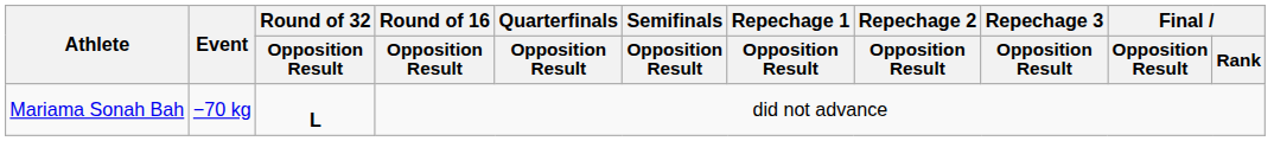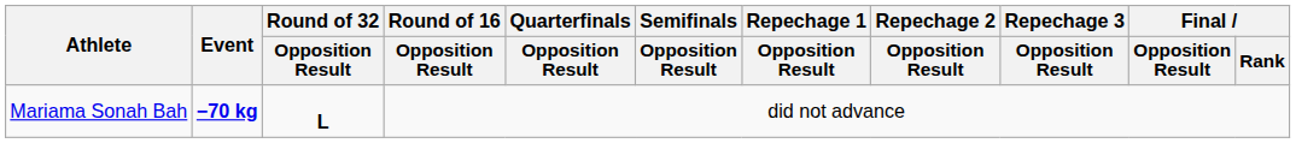 <table class="wikitable" style="font-size:90%">
 <tr>
 <th rowspan="2">Athlete</th>
 <th rowspan="2">Event</th>
 <th>Round of 32</th>
 <th>Round of 16</th>
 <th>Quarterfinals</th>
 <th>Semifinals</th>
 <th>Repechage 1</th>
 <th>Repechage 2</th>
 <th>Repechage 3</th>
 <th colspan=2>Final / </th>
 </tr>
 <tr style="font-size:95%">
 <th>Opposition<br>Result</th>
 <th>Opposition<br>Result</th>
 <th>Opposition<br>Result</th>
 <th>Opposition<br>Result</th>
 <th>Opposition<br>Result</th>
 <th>Opposition<br>Result</th>
 <th>Opposition<br>Result</th>
 <th>Opposition<br>Result</th>
 <th>Rank</th>
 </tr>
 <tr align=center>
 <td align=left><a href='#'>Mariama Sonah Bah</a></td>
-<td align=left><a href='#'>−70 kg</a></td>
+<td align=left><strong><a href='#'>−70 kg</a></strong></td>
 <td><br><strong>L</strong></td>
 <td colspan=8>did not advance</td>
 </tr>
 </table>
